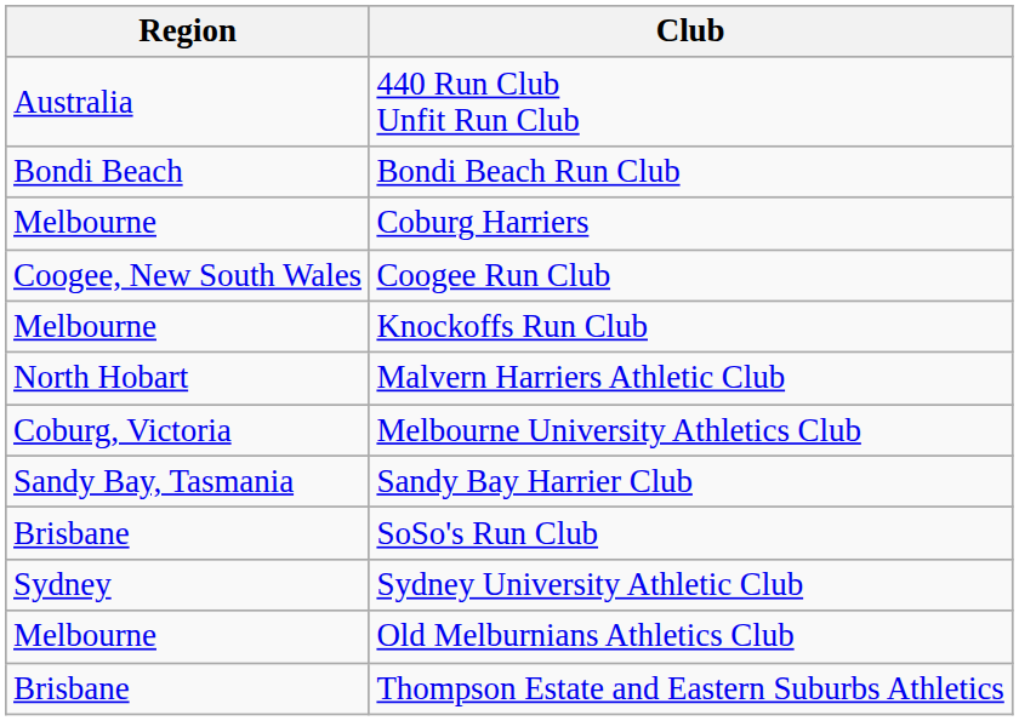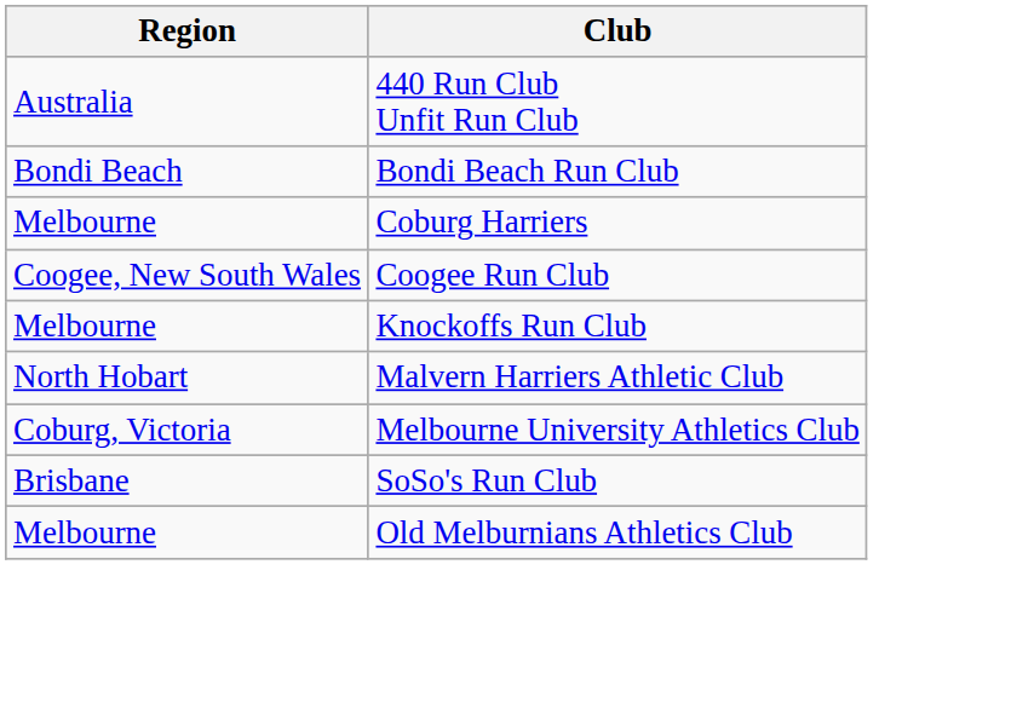 <table class="wikitable style=" textalign:center;"}>
 <tr>
 <th>Region</th>
 <th>Club</th>
 </tr>
 <tr>
 <td><a href='#'>Australia</a></td>
 <td><a href='#'>440 Run Club</a><br><a href='#'>Unfit Run Club</a></td>
 </tr>
 <tr>
 <td><a href='#'>Bondi Beach</a></td>
 <td><a href='#'>Bondi Beach Run Club</a></td>
 </tr>
 <tr>
 <td><a href='#'>Melbourne</a></td>
 <td><a href='#'>Coburg Harriers</a></td>
 </tr>
 <tr>
 <td><a href='#'>Coogee, New South Wales</a></td>
 <td><a href='#'>Coogee Run Club</a></td>
 </tr>
 <tr>
 <td><a href='#'>Melbourne</a></td>
 <td><a href='#'>Knockoffs Run Club</a></td>
 </tr>
 <tr>
 <td><a href='#'>North Hobart</a></td>
 <td><a href='#'>Malvern Harriers Athletic Club</a></td>
 </tr>
 <tr>
 <td><a href='#'>Coburg, Victoria</a></td>
 <td><a href='#'>Melbourne University Athletics Club</a></td>
 </tr>
 <tr>
-<td><a href='#'>Sandy Bay, Tasmania</a></td>
-<td><a href='#'>Sandy Bay Harrier Club</a></td>
-</tr>
-<tr>
 <td><a href='#'>Brisbane</a></td>
 <td><a href='#'>SoSo's Run Club</a></td>
-</tr>
-<tr>
-<td><a href='#'>Sydney</a></td>
-<td><a href='#'>Sydney University Athletic Club</a></td>
 </tr>
 <tr>
 <td><a href='#'>Melbourne</a></td>
 <td><a href='#'>Old Melburnians Athletics Club</a></td>
 </tr>
-<tr>
-<td><a href='#'>Brisbane</a></td>
-<td><a href='#'>Thompson Estate and Eastern Suburbs Athletics</a></td>
-</tr>
 </table>
